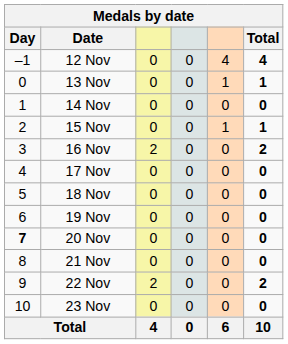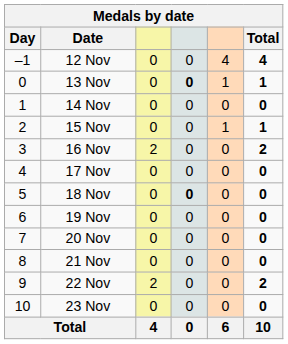 <table class="wikitable" style="font-size:90%; text-align:center;">
 <tr style="background:#efefef;">
 <th colspan=6><strong>Medals by date</strong></th>
 </tr>
 <tr>
 <th width=30><strong>Day</strong></th>
 <th width=90><strong>Date</strong></th>
 <th width=30 style="background:#F7F6A8;"></th>
 <th width=30 style="background:#DCE5E5;"></th>
 <th width=30 style="background:#FFDAB9;"></th>
 <th width=30><strong>Total</strong></th>
 </tr>
 <tr>
 <td>–1</td>
 <td>12 Nov</td>
 <td style="background:#F7F6A8;">0</td>
 <td style="background:#DCE5E5;">0</td>
 <td style="background:#FFDAB9;">4</td>
 <td><strong>4</strong></td>
 </tr>
 <tr>
 <td>0</td>
 <td>13 Nov</td>
 <td style="background:#F7F6A8;">0</td>
-<td style="background:#DCE5E5;">0</td>
+<td style="background:#DCE5E5;"><strong>0</strong></td>
 <td style="background:#FFDAB9;">1</td>
 <td><strong>1</strong></td>
 </tr>
 <tr>
 <td>1</td>
 <td>14 Nov</td>
 <td style="background:#F7F6A8;">0</td>
 <td style="background:#DCE5E5;">0</td>
 <td style="background:#FFDAB9;">0</td>
 <td><strong>0</strong></td>
 </tr>
 <tr>
 <td>2</td>
 <td>15 Nov</td>
 <td style="background:#F7F6A8;">0</td>
 <td style="background:#DCE5E5;">0</td>
 <td style="background:#FFDAB9;">1</td>
 <td><strong>1</strong></td>
 </tr>
 <tr>
 <td>3</td>
 <td>16 Nov</td>
 <td style="background:#F7F6A8;">2</td>
 <td style="background:#DCE5E5;">0</td>
 <td style="background:#FFDAB9;">0</td>
 <td><strong>2</strong></td>
 </tr>
 <tr>
 <td>4</td>
 <td>17 Nov</td>
 <td style="background:#F7F6A8;">0</td>
 <td style="background:#DCE5E5;">0</td>
 <td style="background:#FFDAB9;">0</td>
 <td><strong>0</strong></td>
 </tr>
 <tr>
 <td>5</td>
 <td>18 Nov</td>
 <td style="background:#F7F6A8;">0</td>
-<td style="background:#DCE5E5;">0</td>
+<td style="background:#DCE5E5;"><strong>0</strong></td>
 <td style="background:#FFDAB9;">0</td>
 <td><strong>0</strong></td>
 </tr>
 <tr>
 <td>6</td>
 <td>19 Nov</td>
 <td style="background:#F7F6A8;">0</td>
 <td style="background:#DCE5E5;">0</td>
 <td style="background:#FFDAB9;">0</td>
 <td><strong>0</strong></td>
 </tr>
 <tr>
-<td><strong>7</strong></td>
+<td>7</td>
 <td>20 Nov</td>
 <td style="background:#F7F6A8;">0</td>
 <td style="background:#DCE5E5;">0</td>
 <td style="background:#FFDAB9;">0</td>
 <td><strong>0</strong></td>
 </tr>
 <tr>
 <td>8</td>
 <td>21 Nov</td>
 <td style="background:#F7F6A8;">0</td>
 <td style="background:#DCE5E5;">0</td>
 <td style="background:#FFDAB9;">0</td>
 <td><strong>0</strong></td>
 </tr>
 <tr>
 <td>9</td>
 <td>22 Nov</td>
 <td style="background:#F7F6A8;">2</td>
 <td style="background:#DCE5E5;">0</td>
 <td style="background:#FFDAB9;">0</td>
 <td><strong>2</strong></td>
 </tr>
 <tr>
 <td>10</td>
 <td>23 Nov</td>
 <td style="background:#F7F6A8;">0</td>
 <td style="background:#DCE5E5;">0</td>
 <td style="background:#FFDAB9;">0</td>
 <td><strong>0</strong></td>
 </tr>
 <tr>
 <th colspan="2"><strong>Total</strong></th>
 <th><strong>4</strong></th>
 <th><strong>0</strong></th>
 <th><strong>6</strong></th>
 <th><strong>10</strong></th>
 </tr>
 </table>
